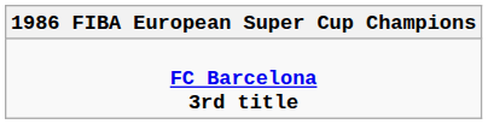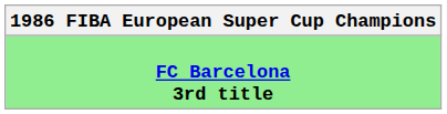 <table class=wikitable style="text-align:center; margin:auto">
 <tr>
 <th>1986 FIBA European Super Cup Champions</th>
 </tr>
 <tr>
-<td><br> <strong><a href='#'>FC Barcelona</a></strong> <br> <strong>3rd title</strong></td>
+<td style="background: lightgreen;"><br> <strong><a href='#'>FC Barcelona</a></strong> <br> <strong>3rd title</strong></td>
 </tr>
 </table>
